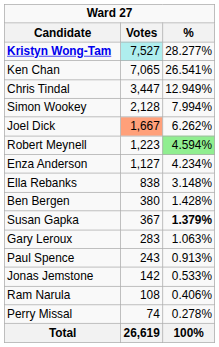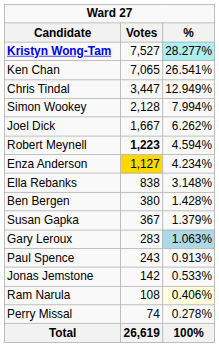 <table class="wikitable">
 <tr>
 <td Colspan="3" align="center"><strong>Ward 27</strong></td>
 </tr>
 <tr>
 <th bgcolor="#DDDDFF" width="150px">Candidate</th>
 <th bgcolor="#DDDDFF">Votes</th>
 <th bgcolor="#DDDDFF">%</th>
 </tr>
 <tr>
 <td><strong><a href='#'>Kristyn Wong-Tam</a></strong></td>
-<td align=right style="background: paleturquoise;">7,527</td>
-<td align=right>28.277%</td>
+<td align=right>7,527</td>
+<td align=right style="background: paleturquoise;">28.277%</td>
 </tr>
 <tr>
 <td>Ken Chan</td>
 <td align=right>7,065</td>
 <td align=right>26.541%</td>
 </tr>
 <tr>
 <td>Chris Tindal</td>
 <td align=right>3,447</td>
 <td align=right>12.949%</td>
 </tr>
 <tr>
 <td>Simon Wookey</td>
 <td align=right>2,128</td>
 <td align=right>7.994%</td>
 </tr>
 <tr>
 <td>Joel Dick</td>
-<td align=right style="background: lightsalmon;">1,667</td>
+<td align=right>1,667</td>
 <td align=right>6.262%</td>
 </tr>
 <tr>
 <td>Robert Meynell</td>
-<td align=right>1,223</td>
-<td align=right style="background: lightgreen;">4.594%</td>
+<td align=right><strong>1,223</strong></td>
+<td align=right>4.594%</td>
 </tr>
 <tr>
 <td>Enza Anderson</td>
-<td align=right>1,127</td>
+<td align=right style="background: gold;">1,127</td>
 <td align=right>4.234%</td>
 </tr>
 <tr>
 <td>Ella Rebanks</td>
 <td align=right>838</td>
 <td align=right>3.148%</td>
 </tr>
 <tr>
 <td>Ben Bergen</td>
 <td align=right>380</td>
 <td align=right>1.428%</td>
 </tr>
 <tr>
 <td>Susan Gapka</td>
 <td align=right>367</td>
-<td align=right><strong>1.379%</strong></td>
+<td align=right>1.379%</td>
 </tr>
 <tr>
 <td>Gary Leroux</td>
 <td align=right>283</td>
-<td align=right>1.063%</td>
+<td align=right style="background: lightblue;">1.063%</td>
 </tr>
 <tr>
 <td>Paul Spence</td>
 <td align=right>243</td>
 <td align=right>0.913%</td>
 </tr>
 <tr>
 <td>Jonas Jemstone</td>
 <td align=right>142</td>
 <td align=right>0.533%</td>
 </tr>
 <tr>
 <td>Ram Narula</td>
 <td align=right>108</td>
-<td align=right>0.406%</td>
+<td align=right style="background: lightyellow;">0.406%</td>
 </tr>
 <tr>
 <td>Perry Missal</td>
 <td align=right>74</td>
 <td align=right>0.278%</td>
 </tr>
 <tr>
 <th>Total</th>
 <th align=right>26,619</th>
 <th align=right>100%</th>
 </tr>
 </table>
